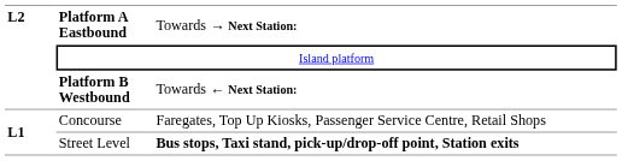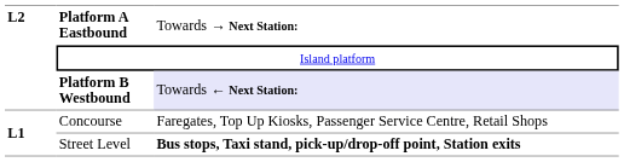 <table border="0" cellspacing="0" cellpadding="3">
 <tr>
 <td rowspan="3" style="border-top:solid 1px grey;border-bottom:solid 1px grey;" width="50" valign="top"><strong>L2</strong></td>
 <td style="border-top:solid 1px grey;border-bottom:solid 1px white;" width="100"><span><strong>Platform A</strong><br><strong>Eastbound</strong></span></td>
 <td style="border-top:solid 1px grey;border-bottom:solid 1px white;" width="500">Towards →   <small><strong>Next Station:</strong>  </small></td>
 </tr>
 <tr>
 <td colspan="2" style="border-top:solid 2px black;border-right:solid 2px black;border-left:solid 2px black;border-bottom:solid 2px black;text-align:center;"><small><a href='#'>Island platform</a></small></td>
 </tr>
 <tr>
 <td style="border-bottom:solid 1px grey;" width="100"><span><strong>Platform B</strong><br><strong>Westbound</strong></span></td>
-<td style="border-bottom:solid 1px grey;" width="500">Towards ←   <small><strong>Next Station:</strong>  </small></td>
+<td style="background: lavender; border-bottom:solid 1px grey;" width="500">Towards ←   <small><strong>Next Station:</strong>  </small></td>
 </tr>
 <tr>
 <td rowspan="2" style="border-bottom:solid 1px grey;"><strong>L1</strong></td>
 <td style="border-bottom:solid 1px grey;">Concourse</td>
 <td style="border-bottom:solid 1px grey;">Faregates, Top Up Kiosks, Passenger Service Centre, Retail Shops</td>
 </tr>
 <tr>
 <td style="border-bottom:solid 1px grey;">Street Level</td>
 <td style="border-bottom:solid 1px grey;"><strong>Bus stops, Taxi stand, pick-up/drop-off point, Station exits</strong></td>
 </tr>
 </table>
